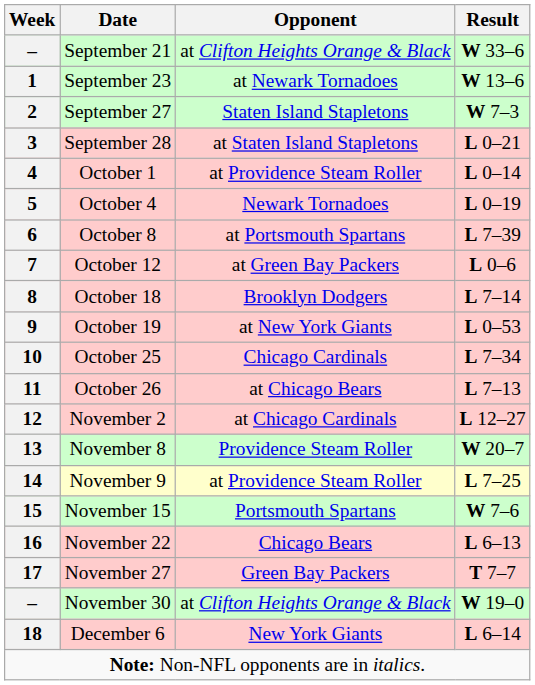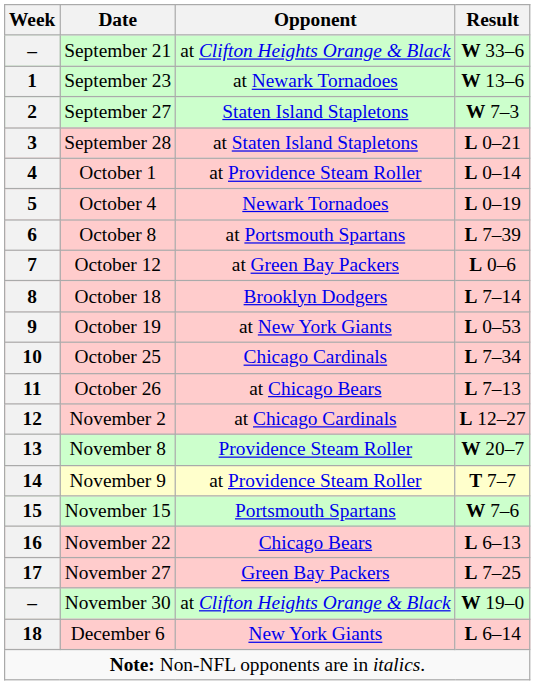 <table class="wikitable" style="text-align:center">
 <tr>
 <th>Week</th>
 <th>Date</th>
 <th>Opponent</th>
 <th>Result</th>
 </tr>
 <tr style="background:#cfc">
 <th>–</th>
 <td>September 21</td>
 <td>at <em><a href='#'>Clifton Heights Orange & Black</a></em></td>
 <td><strong>W</strong> 33–6</td>
 </tr>
 <tr style="background:#cfc">
 <th>1</th>
 <td>September 23</td>
 <td>at <a href='#'>Newark Tornadoes</a></td>
 <td><strong>W</strong> 13–6</td>
 </tr>
 <tr style="background:#cfc">
 <th>2</th>
 <td>September 27</td>
 <td><a href='#'>Staten Island Stapletons</a></td>
 <td><strong>W</strong> 7–3</td>
 </tr>
 <tr style="background:#fcc">
 <th>3</th>
 <td>September 28</td>
 <td>at <a href='#'>Staten Island Stapletons</a></td>
 <td><strong>L</strong> 0–21</td>
 </tr>
 <tr style="background:#fcc">
 <th>4</th>
 <td>October 1</td>
 <td>at <a href='#'>Providence Steam Roller</a></td>
 <td><strong>L</strong> 0–14</td>
 </tr>
 <tr style="background:#fcc">
 <th>5</th>
 <td>October 4</td>
 <td><a href='#'>Newark Tornadoes</a></td>
 <td><strong>L</strong> 0–19</td>
 </tr>
 <tr style="background:#fcc">
 <th>6</th>
 <td>October 8</td>
 <td>at <a href='#'>Portsmouth Spartans</a></td>
 <td><strong>L</strong> 7–39</td>
 </tr>
 <tr style="background:#fcc">
 <th>7</th>
 <td>October 12</td>
 <td>at <a href='#'>Green Bay Packers</a></td>
 <td><strong>L</strong> 0–6</td>
 </tr>
 <tr style="background:#fcc">
 <th>8</th>
 <td>October 18</td>
 <td><a href='#'>Brooklyn Dodgers</a></td>
 <td><strong>L</strong> 7–14</td>
 </tr>
 <tr style="background:#fcc">
 <th>9</th>
 <td>October 19</td>
 <td>at <a href='#'>New York Giants</a></td>
 <td><strong>L</strong> 0–53</td>
 </tr>
 <tr style="background:#fcc">
 <th>10</th>
 <td>October 25</td>
 <td><a href='#'>Chicago Cardinals</a></td>
 <td><strong>L</strong> 7–34</td>
 </tr>
 <tr style="background:#fcc">
 <th>11</th>
 <td>October 26</td>
 <td>at <a href='#'>Chicago Bears</a></td>
 <td><strong>L</strong> 7–13</td>
 </tr>
 <tr style="background:#fcc">
 <th>12</th>
 <td>November 2</td>
 <td>at <a href='#'>Chicago Cardinals</a></td>
 <td><strong>L</strong> 12–27</td>
 </tr>
 <tr style="background:#cfc">
 <th>13</th>
 <td>November 8</td>
 <td><a href='#'>Providence Steam Roller</a></td>
 <td><strong>W</strong> 20–7</td>
 </tr>
 <tr style="background:#ffc">
 <th>14</th>
 <td>November 9</td>
 <td>at <a href='#'>Providence Steam Roller</a></td>
-<td><strong>L</strong> 7–25</td>
+<td><strong>T</strong> 7–7</td>
 </tr>
 <tr style="background:#cfc">
 <th>15</th>
 <td>November 15</td>
 <td><a href='#'>Portsmouth Spartans</a></td>
 <td><strong>W</strong> 7–6</td>
 </tr>
 <tr style="background:#fcc">
 <th>16</th>
 <td>November 22</td>
 <td><a href='#'>Chicago Bears</a></td>
 <td><strong>L</strong> 6–13</td>
 </tr>
 <tr style="background:#fcc">
 <th>17</th>
 <td>November 27</td>
 <td><a href='#'>Green Bay Packers</a></td>
-<td><strong>T</strong> 7–7</td>
+<td><strong>L</strong> 7–25</td>
 </tr>
 <tr style="background:#cfc">
 <th>–</th>
 <td>November 30</td>
 <td>at <em><a href='#'>Clifton Heights Orange & Black</a></em></td>
 <td><strong>W</strong> 19–0</td>
 </tr>
 <tr style="background:#fcc">
 <th>18</th>
 <td>December 6</td>
 <td><a href='#'>New York Giants</a></td>
 <td><strong>L</strong> 6–14</td>
 </tr>
 <tr>
 <td colspan="8"><strong>Note:</strong> Non-NFL opponents are in <em>italics</em>.</td>
 </tr>
 </table>
